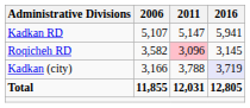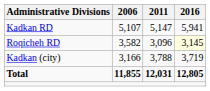 <table class="wikitable">
 <tr>
 <th>Administrative Divisions</th>
 <th>2006</th>
 <th>2011</th>
 <th>2016</th>
 </tr>
 <tr>
 <td><a href='#'>Kadkan RD</a></td>
 <td style="text-align: right;">5,107</td>
 <td style="text-align: right;">5,147</td>
 <td style="text-align: right;">5,941</td>
 </tr>
 <tr>
 <td><a href='#'>Roqicheh RD</a></td>
 <td style="text-align: right;">3,582</td>
-<td style="background: pink; text-align: right;">3,096</td>
-<td style="text-align: right;">3,145</td>
+<td style="text-align: right;">3,096</td>
+<td style="background: lightyellow; text-align: right;">3,145</td>
 </tr>
 <tr>
 <td><a href='#'>Kadkan</a> (city)</td>
 <td style="text-align: right;">3,166</td>
 <td style="text-align: right;">3,788</td>
-<td style="background: lavender; text-align: right;">3,719</td>
+<td style="text-align: right;">3,719</td>
 </tr>
 <tr>
 <td><strong>Total</strong></td>
 <td style="text-align: right;"><strong>11,855</strong></td>
 <td style="text-align: right;"><strong>12,031</strong></td>
 <td style="text-align: right;"><strong>12,805</strong></td>
 </tr>
 <tr>
 <td colspan=4></td>
 </tr>
 </table>
